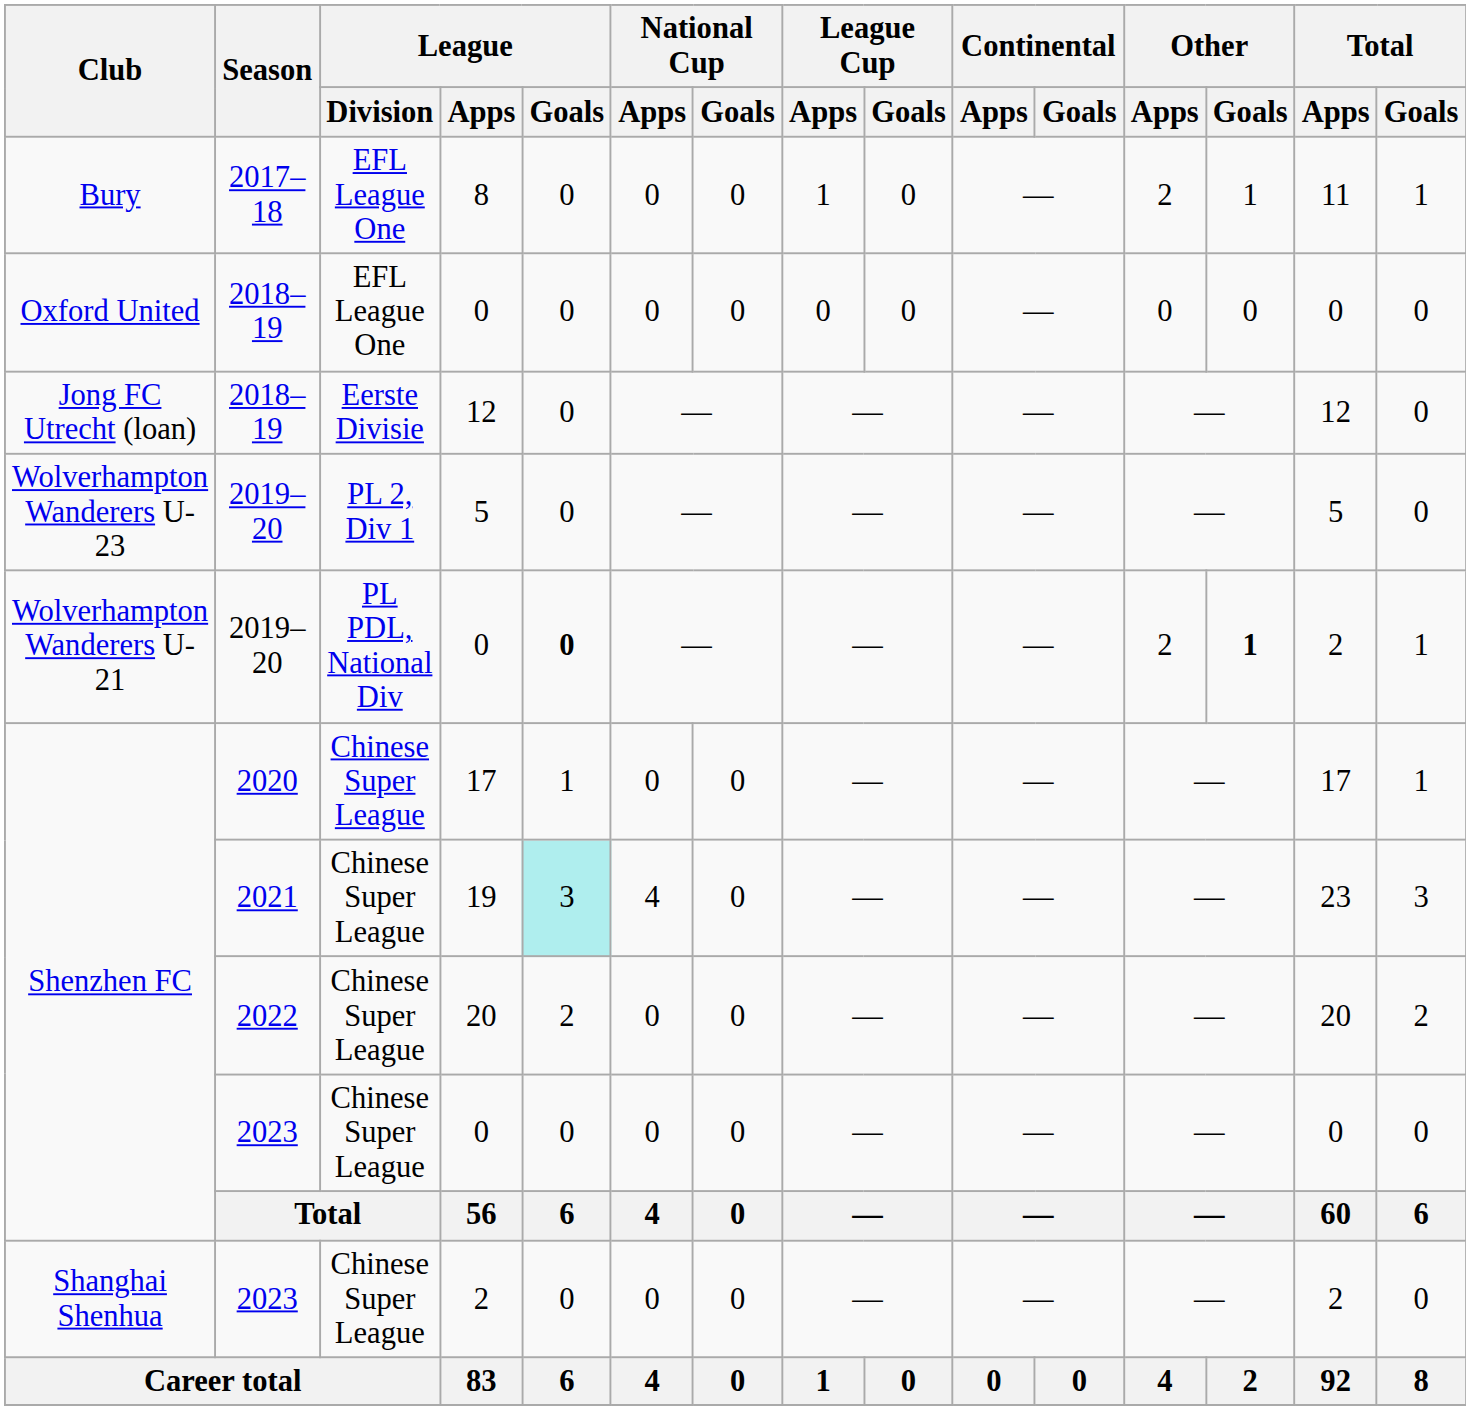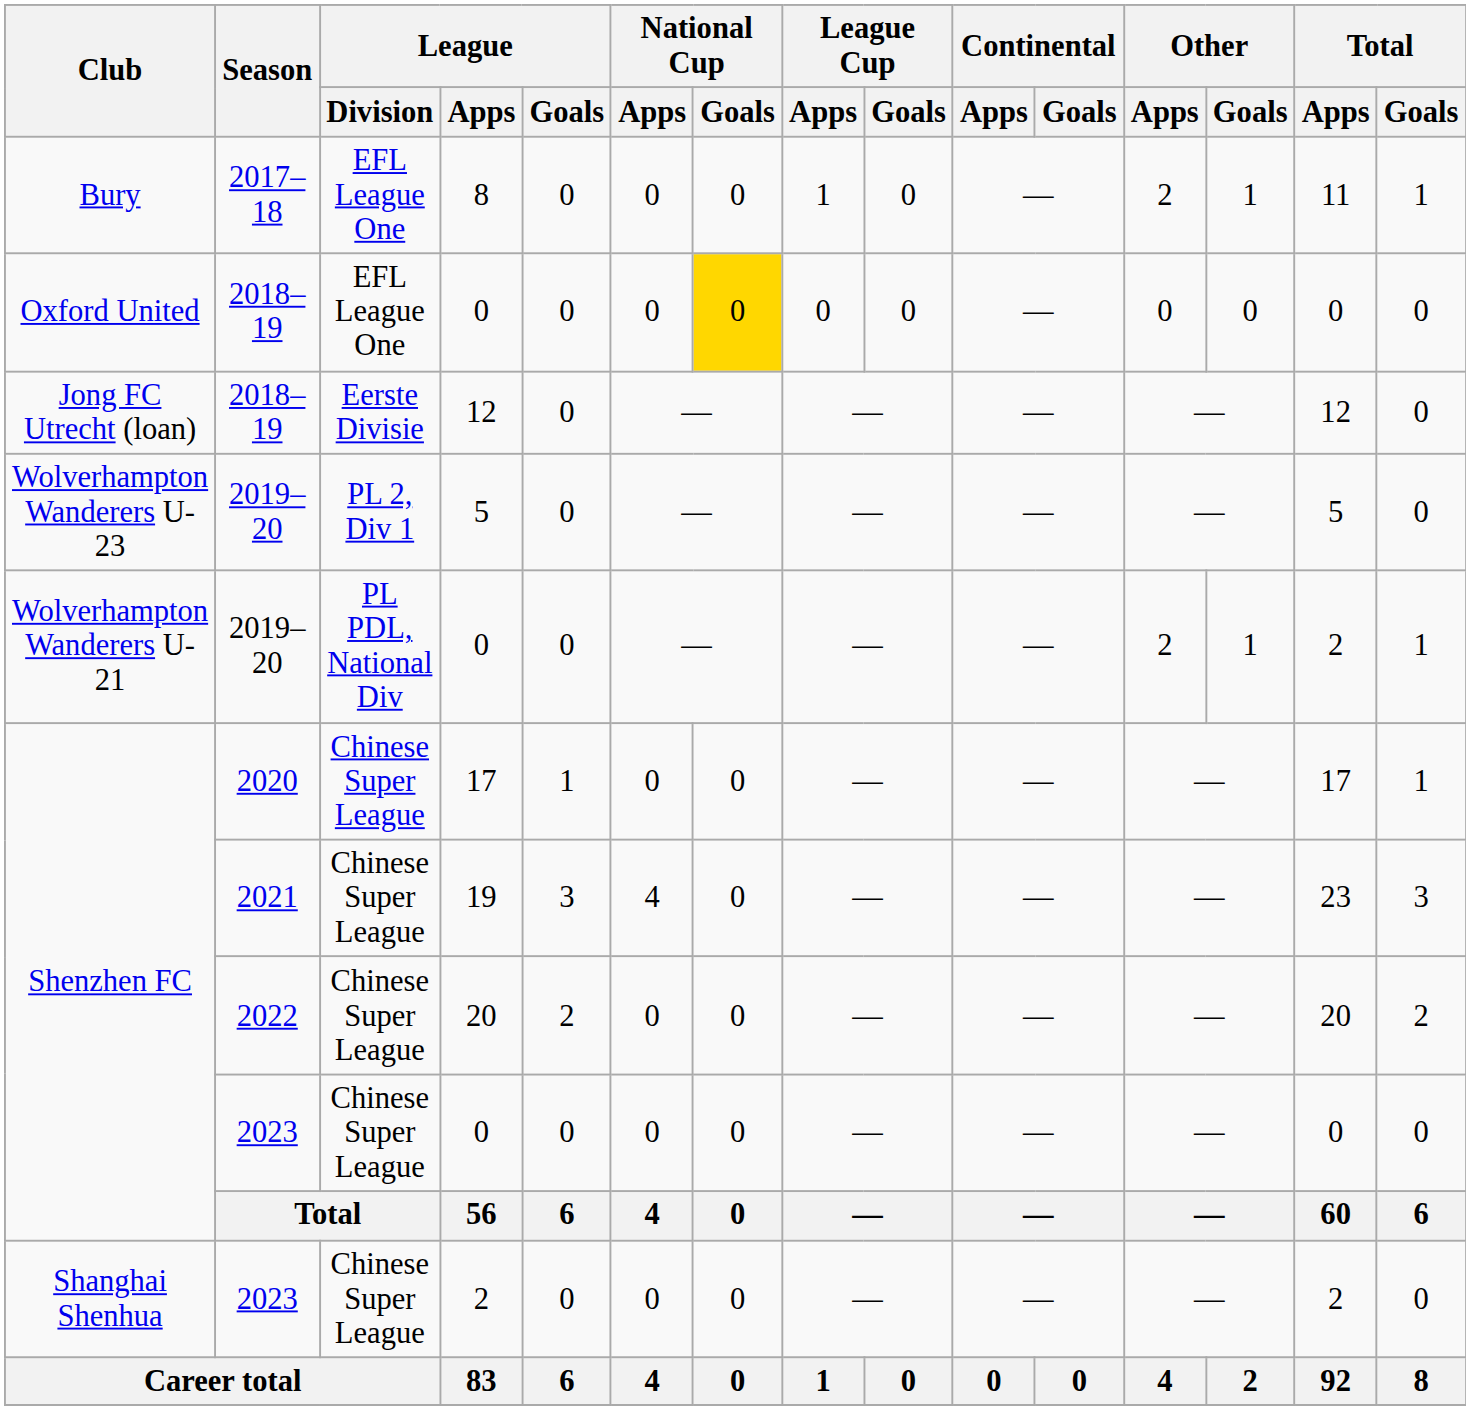 <table class="wikitable" style="text-align: center">
 <tr>
 <th rowspan="2">Club</th>
 <th rowspan="2">Season</th>
 <th colspan="3">League</th>
 <th colspan="2">National Cup</th>
 <th colspan="2">League Cup</th>
 <th colspan="2">Continental</th>
 <th colspan="2">Other</th>
 <th colspan="2">Total</th>
 </tr>
 <tr>
 <th>Division</th>
 <th>Apps</th>
 <th>Goals</th>
 <th>Apps</th>
 <th>Goals</th>
 <th>Apps</th>
 <th>Goals</th>
 <th>Apps</th>
 <th>Goals</th>
 <th>Apps</th>
 <th>Goals</th>
 <th>Apps</th>
 <th>Goals</th>
 </tr>
 <tr>
 <td><a href='#'>Bury</a></td>
 <td><a href='#'>2017–18</a></td>
 <td><a href='#'>EFL League One</a></td>
 <td>8</td>
 <td>0</td>
 <td>0</td>
 <td>0</td>
 <td>1</td>
 <td>0</td>
 <td colspan="2">—</td>
 <td>2</td>
 <td>1</td>
 <td>11</td>
 <td>1</td>
 </tr>
 <tr>
 <td><a href='#'>Oxford United</a></td>
 <td><a href='#'>2018–19</a></td>
 <td>EFL League One</td>
 <td>0</td>
 <td>0</td>
 <td>0</td>
-<td>0</td>
+<td style="background: gold;">0</td>
 <td>0</td>
 <td>0</td>
 <td colspan="2">—</td>
 <td>0</td>
 <td>0</td>
 <td>0</td>
 <td>0</td>
 </tr>
 <tr>
 <td><a href='#'>Jong FC Utrecht</a> (loan)</td>
 <td><a href='#'>2018–19</a></td>
 <td><a href='#'>Eerste Divisie</a></td>
 <td>12</td>
 <td>0</td>
 <td colspan="2">—</td>
 <td colspan="2">—</td>
 <td colspan="2">—</td>
 <td colspan="2">—</td>
 <td>12</td>
 <td>0</td>
 </tr>
 <tr>
 <td><a href='#'>Wolverhampton Wanderers</a> U-23</td>
 <td><a href='#'>2019–20</a></td>
 <td><a href='#'>PL 2, Div 1</a></td>
 <td>5</td>
 <td>0</td>
 <td colspan="2">—</td>
 <td colspan="2">—</td>
 <td colspan="2">—</td>
 <td colspan="2">—</td>
 <td>5</td>
 <td>0</td>
 </tr>
 <tr>
 <td><a href='#'>Wolverhampton Wanderers</a> U-21</td>
 <td>2019–20</td>
 <td><a href='#'>PL PDL, National Div</a></td>
 <td>0</td>
-<td><strong>0</strong></td>
+<td>0</td>
 <td colspan="2">—</td>
 <td colspan="2">—</td>
 <td colspan="2">—</td>
 <td>2</td>
-<td><strong>1</strong></td>
+<td>1</td>
 <td>2</td>
 <td>1</td>
 </tr>
 <tr>
 <td rowspan="5"><a href='#'>Shenzhen FC</a></td>
 <td><a href='#'>2020</a></td>
 <td><a href='#'>Chinese Super League</a></td>
 <td>17</td>
 <td>1</td>
 <td>0</td>
 <td>0</td>
 <td colspan="2">—</td>
 <td colspan="2">—</td>
 <td colspan="2">—</td>
 <td>17</td>
 <td>1</td>
 </tr>
 <tr>
 <td><a href='#'>2021</a></td>
 <td>Chinese Super League</td>
 <td>19</td>
-<td style="background: paleturquoise;">3</td>
+<td>3</td>
 <td>4</td>
 <td>0</td>
 <td colspan="2">—</td>
 <td colspan="2">—</td>
 <td colspan="2">—</td>
 <td>23</td>
 <td>3</td>
 </tr>
 <tr>
 <td><a href='#'>2022</a></td>
 <td>Chinese Super League</td>
 <td>20</td>
 <td>2</td>
 <td>0</td>
 <td>0</td>
 <td colspan="2">—</td>
 <td colspan="2">—</td>
 <td colspan="2">—</td>
 <td>20</td>
 <td>2</td>
 </tr>
 <tr>
 <td><a href='#'>2023</a></td>
 <td>Chinese Super League</td>
 <td>0</td>
 <td>0</td>
 <td>0</td>
 <td>0</td>
 <td colspan="2">—</td>
 <td colspan="2">—</td>
 <td colspan="2">—</td>
 <td>0</td>
 <td>0</td>
 </tr>
 <tr>
 <th colspan="2">Total</th>
 <th>56</th>
 <th>6</th>
 <th>4</th>
 <th>0</th>
 <th colspan="2">—</th>
 <th colspan="2">—</th>
 <th colspan="2">—</th>
 <th>60</th>
 <th>6</th>
 </tr>
 <tr>
 <td><a href='#'>Shanghai Shenhua</a></td>
 <td><a href='#'>2023</a></td>
 <td>Chinese Super League</td>
 <td>2</td>
 <td>0</td>
 <td>0</td>
 <td>0</td>
 <td colspan="2">—</td>
 <td colspan="2">—</td>
 <td colspan="2">—</td>
 <td>2</td>
 <td>0</td>
 </tr>
 <tr>
 <th colspan="3">Career total</th>
 <th>83</th>
 <th>6</th>
 <th>4</th>
 <th>0</th>
 <th>1</th>
 <th>0</th>
 <th>0</th>
 <th>0</th>
 <th>4</th>
 <th>2</th>
 <th>92</th>
 <th>8</th>
 </tr>
 <tr>
 </tr>
 </table>
